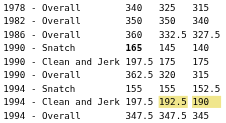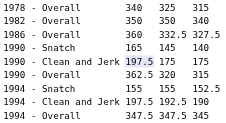 <table>
 <tr>
 <td>1978 - Overall</td>
 <td></td>
 <td>340</td>
 <td></td>
 <td>325</td>
 <td></td>
 <td>315</td>
 </tr>
 <tr>
 <td>1982 - Overall</td>
 <td></td>
 <td>350</td>
 <td></td>
 <td>350</td>
 <td></td>
 <td>340</td>
 </tr>
 <tr>
 <td>1986 - Overall</td>
 <td></td>
 <td>360</td>
 <td></td>
 <td>332.5</td>
 <td></td>
 <td>327.5</td>
 </tr>
 <tr>
 <td>1990 - Snatch</td>
 <td></td>
-<td><strong>165</strong></td>
+<td>165</td>
 <td></td>
 <td>145</td>
 <td></td>
 <td>140</td>
 </tr>
 <tr>
 <td>1990 - Clean and Jerk</td>
 <td></td>
-<td>197.5</td>
+<td style="background: lavender;">197.5</td>
 <td></td>
 <td>175</td>
 <td></td>
 <td>175</td>
 </tr>
 <tr>
 <td>1990 - Overall</td>
 <td></td>
 <td>362.5</td>
 <td></td>
 <td>320</td>
 <td></td>
 <td>315</td>
 </tr>
 <tr>
 <td>1994 - Snatch</td>
 <td></td>
 <td>155</td>
 <td></td>
 <td>155</td>
 <td></td>
 <td>152.5</td>
 </tr>
 <tr>
 <td>1994 - Clean and Jerk</td>
 <td></td>
 <td>197.5</td>
 <td></td>
-<td style="background: khaki;">192.5</td>
+<td>192.5</td>
 <td></td>
-<td style="background: khaki;">190</td>
+<td>190</td>
 </tr>
 <tr>
 <td>1994 - Overall</td>
 <td></td>
 <td>347.5</td>
 <td></td>
 <td>347.5</td>
 <td></td>
 <td>345</td>
 </tr>
 </table>
